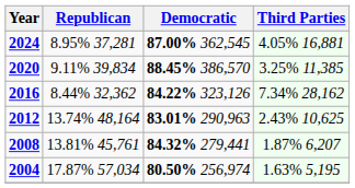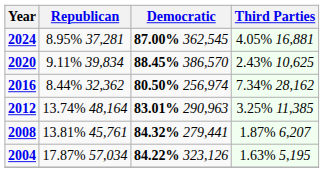 <table class="wikitable" style="float:right; font-size:95%;">
 <tr bgcolor=lightgrey>
 <th>Year</th>
 <th><a href='#'>Republican</a></th>
 <th><a href='#'>Democratic</a></th>
 <th><a href='#'>Third Parties</a></th>
 </tr>
 <tr>
 <td style="text-align:center; "><strong><a href='#'>2024</a></strong></td>
 <td style="text-align:center; ">8.95% <em>37,281</em></td>
 <td style="text-align:center; "><strong>87.00%</strong> <em>362,545</em></td>
 <td style="text-align:center; background:honeyDew;">4.05% <em>16,881</em></td>
 </tr>
 <tr>
 <td style="text-align:center; "><strong><a href='#'>2020</a></strong></td>
 <td style="text-align:center; ">9.11% <em>39,834</em></td>
 <td style="text-align:center; "><strong>88.45%</strong> <em>386,570</em></td>
-<td style="text-align:center; background:honeyDew;">3.25% <em>11,385</em></td>
+<td style="text-align:center; background:honeyDew;">2.43% <em>10,625</em></td>
 </tr>
 <tr>
 <td style="text-align:center; "><strong><a href='#'>2016</a></strong></td>
 <td style="text-align:center; ">8.44% <em>32,362</em></td>
-<td style="text-align:center; "><strong>84.22%</strong> <em>323,126</em></td>
+<td style="text-align:center; "><strong>80.50%</strong> <em>256,974</em></td>
 <td style="text-align:center; background:honeyDew;">7.34% <em>28,162</em></td>
 </tr>
 <tr>
 <td style="text-align:center; "><strong><a href='#'>2012</a></strong></td>
 <td style="text-align:center; ">13.74% <em>48,164</em></td>
 <td style="text-align:center; "><strong>83.01%</strong> <em>290,963</em></td>
-<td style="text-align:center; background:honeyDew;">2.43% <em>10,625</em></td>
+<td style="text-align:center; background:honeyDew;">3.25% <em>11,385</em></td>
 </tr>
 <tr>
 <td style="text-align:center; "><strong><a href='#'>2008</a></strong></td>
 <td style="text-align:center; ">13.81% <em>45,761</em></td>
 <td style="text-align:center; "><strong>84.32%</strong> <em>279,441</em></td>
 <td style="text-align:center; background:honeyDew;">1.87% <em>6,207</em></td>
 </tr>
 <tr>
 <td style="text-align:center; "><strong><a href='#'>2004</a></strong></td>
 <td style="text-align:center; ">17.87% <em>57,034</em></td>
-<td style="text-align:center; "><strong>80.50%</strong> <em>256,974</em></td>
+<td style="text-align:center; "><strong>84.22%</strong> <em>323,126</em></td>
 <td style="text-align:center; background:honeyDew;">1.63% <em>5,195</em></td>
 </tr>
 <tr>
 </tr>
 </table>
